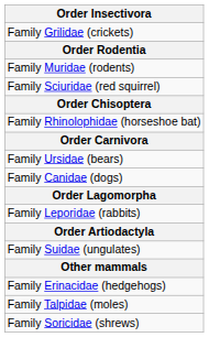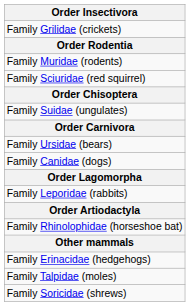 <table class="wikitable">
 <tr>
 <th>Order Insectivora</th>
 </tr>
 <tr>
 <td>Family <a href='#'>Grilidae</a> (crickets)</td>
 </tr>
 <tr>
 <th>Order Rodentia</th>
 </tr>
 <tr>
 <td>Family <a href='#'>Muridae</a> (rodents)</td>
 </tr>
 <tr>
 <td>Family <a href='#'>Sciuridae</a> (red squirrel)</td>
 </tr>
 <tr>
 <th>Order Chisoptera</th>
 </tr>
 <tr>
-<td>Family <a href='#'>Rhinolophidae</a> (horseshoe bat)</td>
+<td>Family <a href='#'>Suidae</a> (ungulates)</td>
 </tr>
 <tr>
 <th>Order Carnivora</th>
 </tr>
 <tr>
 <td>Family <a href='#'>Ursidae</a> (bears)</td>
 </tr>
 <tr>
 <td>Family <a href='#'>Canidae</a> (dogs)</td>
 </tr>
 <tr>
 <th>Order Lagomorpha</th>
 </tr>
 <tr>
 <td>Family <a href='#'>Leporidae</a> (rabbits)</td>
 </tr>
 <tr>
 <th>Order Artiodactyla</th>
 </tr>
 <tr>
-<td>Family <a href='#'>Suidae</a> (ungulates)</td>
+<td>Family <a href='#'>Rhinolophidae</a> (horseshoe bat)</td>
 </tr>
 <tr>
 <th>Other mammals</th>
 </tr>
 <tr>
 <td>Family <a href='#'>Erinacidae</a> (hedgehogs)</td>
 </tr>
 <tr>
 <td>Family <a href='#'>Talpidae</a> (moles)</td>
 </tr>
 <tr>
 <td>Family <a href='#'>Soricidae</a> (shrews)</td>
 </tr>
 </table>
